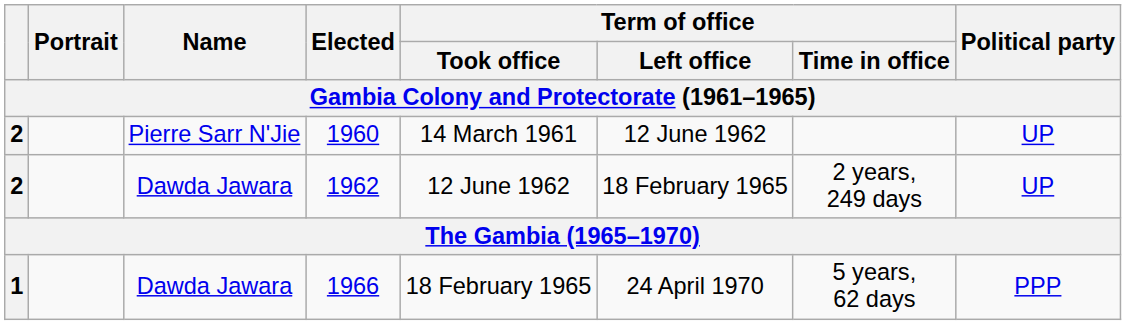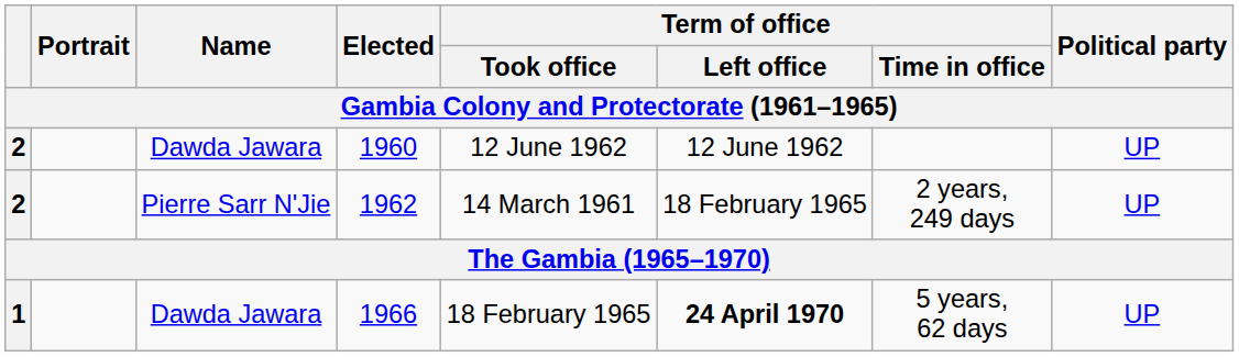 <table class="wikitable" style="text-align:center">
 <tr>
 <th rowspan="2"></th>
 <th rowspan="2">Portrait</th>
 <th rowspan="2">Name<br></th>
 <th rowspan="2">Elected</th>
 <th colspan="3">Term of office</th>
 <th rowspan="2">Political party</th>
 </tr>
 <tr>
 <th>Took office</th>
 <th>Left office</th>
 <th>Time in office</th>
 </tr>
 <tr>
 <th colspan="8"><a href='#'>Gambia Colony and Protectorate</a> (1961–1965)</th>
 </tr>
 <tr>
 <th style="background:">2</th>
 <td></td>
-<td><a href='#'>Pierre Sarr N'Jie</a><br></td>
+<td><a href='#'>Dawda Jawara</a><br></td>
 <td><a href='#'>1960</a></td>
-<td>14 March 1961</td>
+<td>12 June 1962</td>
 <td>12 June 1962</td>
 <td></td>
 <td><a href='#'>UP</a></td>
 </tr>
 <tr>
 <th style="background:">2</th>
 <td></td>
-<td><a href='#'>Dawda Jawara</a><br></td>
+<td><a href='#'>Pierre Sarr N'Jie</a><br></td>
 <td><a href='#'>1962</a></td>
-<td>12 June 1962</td>
+<td>14 March 1961</td>
 <td>18 February 1965</td>
 <td>2 years,<br>249 days</td>
 <td><a href='#'>UP</a></td>
 </tr>
 <tr>
 <th colspan="8"><a href='#'>The Gambia (1965–1970)</a></th>
 </tr>
 <tr>
 <th style="background:">1</th>
 <td></td>
 <td><a href='#'>Dawda Jawara</a><br></td>
 <td><a href='#'>1966</a></td>
 <td>18 February 1965</td>
-<td>24 April 1970</td>
+<td><strong>24 April 1970</strong></td>
 <td>5 years,<br>62 days</td>
-<td><a href='#'>PPP</a></td>
+<td><a href='#'>UP</a></td>
 </tr>
 </table>
